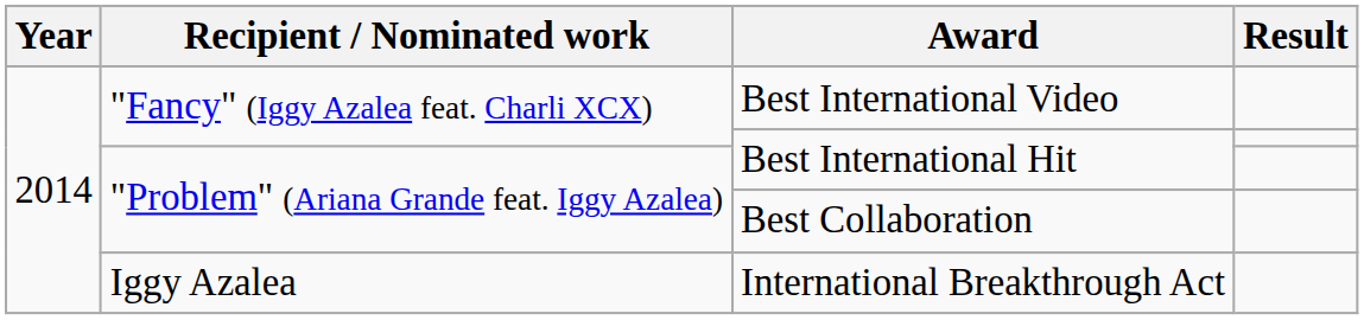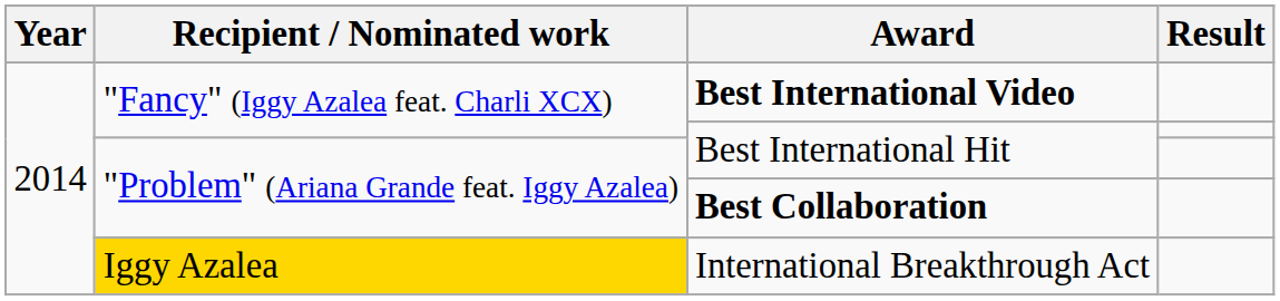 <table class="wikitable plainrowheaders">
 <tr>
 <th>Year</th>
 <th>Recipient / Nominated work</th>
 <th>Award</th>
 <th>Result</th>
 </tr>
 <tr>
 <td rowspan="5">2014</td>
 <td rowspan="2">"<a href='#'>Fancy</a>" <small>(<a href='#'>Iggy Azalea</a> feat. <a href='#'>Charli XCX</a>)</small></td>
-<td rowspan="1">Best International Video</td>
+<td rowspan="1"><strong>Best International Video</strong></td>
 <td></td>
 </tr>
 <tr>
 <td rowspan="2">Best International Hit</td>
 <td></td>
 </tr>
 <tr>
 <td rowspan="2">"<a href='#'>Problem</a>" <small>(<a href='#'>Ariana Grande</a> feat. <a href='#'>Iggy Azalea</a>)</small></td>
 <td></td>
 </tr>
 <tr>
-<td rowspan="1">Best Collaboration</td>
+<td rowspan="1"><strong>Best Collaboration</strong></td>
 <td></td>
 </tr>
 <tr>
-<td rowspan="1">Iggy Azalea</td>
+<td rowspan="1" style="background: gold;">Iggy Azalea</td>
 <td rowspan="1">International Breakthrough Act</td>
 <td></td>
 </tr>
 </table>
